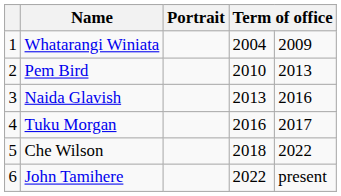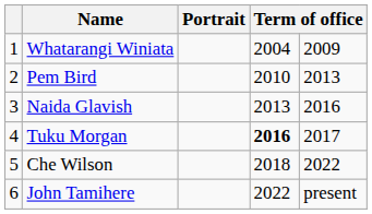 <table class="wikitable">
 <tr>
 <th></th>
 <th>Name</th>
 <th>Portrait</th>
 <th colspan=2>Term of office</th>
 </tr>
 <tr>
 <td align="center">1</td>
 <td><a href='#'>Whatarangi Winiata</a></td>
 <td></td>
 <td>2004</td>
 <td>2009</td>
 </tr>
 <tr>
 <td align="center">2</td>
 <td><a href='#'>Pem Bird</a></td>
 <td></td>
 <td>2010</td>
 <td>2013</td>
 </tr>
 <tr>
 <td align="center">3</td>
 <td><a href='#'>Naida Glavish</a></td>
 <td></td>
 <td>2013</td>
 <td>2016</td>
 </tr>
 <tr>
 <td align="center">4</td>
 <td><a href='#'>Tuku Morgan</a></td>
 <td></td>
-<td>2016</td>
+<td><strong>2016</strong></td>
 <td>2017</td>
 </tr>
 <tr>
 <td align="center">5</td>
 <td>Che Wilson</td>
 <td></td>
 <td>2018</td>
 <td>2022</td>
 </tr>
 <tr>
 <td align="center">6</td>
 <td><a href='#'>John Tamihere</a></td>
 <td></td>
 <td>2022</td>
 <td>present</td>
 </tr>
 </table>
